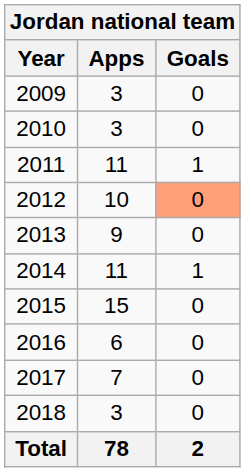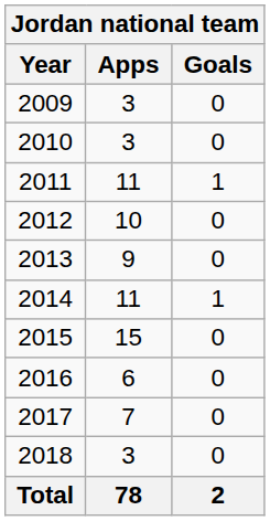 <table class="wikitable" style="text-align:center">
 <tr>
 <th colspan=3>Jordan national team</th>
 </tr>
 <tr>
 <th>Year</th>
 <th>Apps</th>
 <th>Goals</th>
 </tr>
 <tr>
 <td>2009</td>
 <td>3</td>
 <td>0</td>
 </tr>
 <tr>
 <td>2010</td>
 <td>3</td>
 <td>0</td>
 </tr>
 <tr>
 <td>2011</td>
 <td>11</td>
 <td>1</td>
 </tr>
 <tr>
 <td>2012</td>
 <td>10</td>
-<td style="background: lightsalmon;">0</td>
+<td>0</td>
 </tr>
 <tr>
 <td>2013</td>
 <td>9</td>
 <td>0</td>
 </tr>
 <tr>
 <td>2014</td>
 <td>11</td>
 <td>1</td>
 </tr>
 <tr>
 <td>2015</td>
 <td>15</td>
 <td>0</td>
 </tr>
 <tr>
 <td>2016</td>
 <td>6</td>
 <td>0</td>
 </tr>
 <tr>
 <td>2017</td>
 <td>7</td>
 <td>0</td>
 </tr>
 <tr>
 <td>2018</td>
 <td>3</td>
 <td>0</td>
 </tr>
 <tr>
 <th>Total</th>
 <th>78</th>
 <th>2</th>
 </tr>
 </table>
